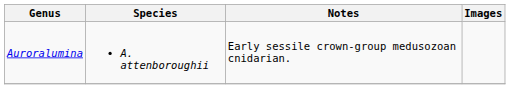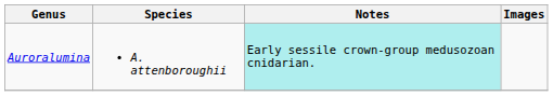 <table class="wikitable" style="width:70%;">
 <tr>
 <th>Genus</th>
 <th>Species</th>
 <th>Notes</th>
 <th>Images</th>
 </tr>
 <tr>
 <td><em><a href='#'>Auroralumina</a></em></td>
 <td><br><ul><li><em>A. attenboroughii</em></li></ul></td>
-<td>Early sessile crown-group medusozoan cnidarian.</td>
+<td style="background: paleturquoise;">Early sessile crown-group medusozoan cnidarian.</td>
 <td></td>
 </tr>
 <tr>
 </tr>
 </table>
